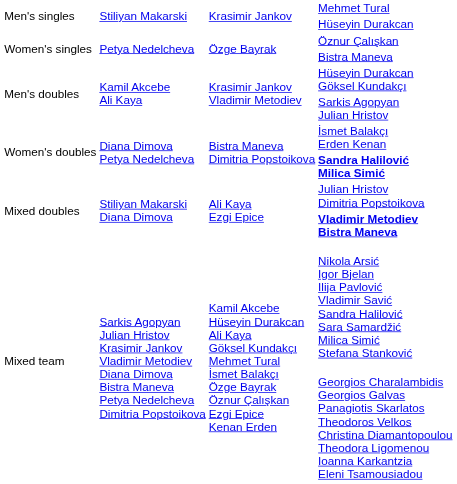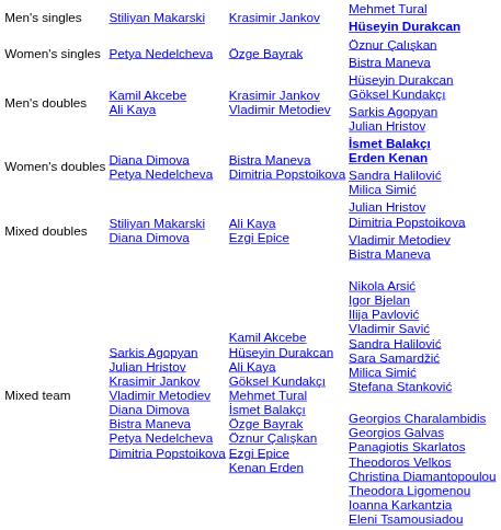 <table>
 <tr>
 <td rowspan="2">Men's singles</td>
 <td rowspan="2"> <a href='#'>Stiliyan Makarski</a></td>
 <td rowspan="2"> <a href='#'>Krasimir Jankov</a></td>
 <td> <a href='#'>Mehmet Tural</a></td>
 </tr>
 <tr>
-<td> <a href='#'>Hüseyin Durakcan</a></td>
+<td><strong> <a href='#'>Hüseyin Durakcan</a></strong></td>
 </tr>
 <tr>
 <td rowspan="2">Women's singles</td>
 <td rowspan="2"> <a href='#'>Petya Nedelcheva</a></td>
 <td rowspan="2"> <a href='#'>Özge Bayrak</a></td>
 <td> <a href='#'>Öznur Çalışkan</a></td>
 </tr>
 <tr>
 <td> <a href='#'>Bistra Maneva</a></td>
 </tr>
 <tr>
 <td rowspan="2">Men's doubles</td>
 <td rowspan="2"> <a href='#'>Kamil Akcebe</a><br> <a href='#'>Ali Kaya</a></td>
 <td rowspan="2"> <a href='#'>Krasimir Jankov</a><br> <a href='#'>Vladimir Metodiev</a></td>
 <td> <a href='#'>Hüseyin Durakcan</a><br> <a href='#'>Göksel Kundakçı</a></td>
 </tr>
 <tr>
 <td> <a href='#'>Sarkis Agopyan</a><br> <a href='#'>Julian Hristov</a></td>
 </tr>
 <tr>
 <td rowspan="2">Women's doubles</td>
 <td rowspan="2"> <a href='#'>Diana Dimova</a><br> <a href='#'>Petya Nedelcheva</a></td>
 <td rowspan="2"> <a href='#'>Bistra Maneva</a><br> <a href='#'>Dimitria Popstoikova</a></td>
-<td> <a href='#'>İsmet Balakçı</a><br> <a href='#'>Erden Kenan</a></td>
+<td><strong> <a href='#'>İsmet Balakçı</a><br> <a href='#'>Erden Kenan</a></strong></td>
 </tr>
 <tr>
-<td><strong> <a href='#'>Sandra Halilović</a><br> <a href='#'>Milica Simić</a></strong></td>
+<td> <a href='#'>Sandra Halilović</a><br> <a href='#'>Milica Simić</a></td>
 </tr>
 <tr>
 <td rowspan="2">Mixed doubles</td>
 <td rowspan="2"> <a href='#'>Stiliyan Makarski</a><br> <a href='#'>Diana Dimova</a></td>
 <td rowspan="2"> <a href='#'>Ali Kaya</a><br> <a href='#'>Ezgi Epice</a></td>
 <td> <a href='#'>Julian Hristov</a><br> <a href='#'>Dimitria Popstoikova</a></td>
 </tr>
 <tr>
-<td><strong> <a href='#'>Vladimir Metodiev</a><br> <a href='#'>Bistra Maneva</a></strong></td>
+<td> <a href='#'>Vladimir Metodiev</a><br> <a href='#'>Bistra Maneva</a></td>
 </tr>
 <tr>
 <td rowspan="2">Mixed team</td>
 <td rowspan="2"><br><a href='#'>Sarkis Agopyan</a><br><a href='#'>Julian Hristov</a><br><a href='#'>Krasimir Jankov</a><br><a href='#'>Vladimir Metodiev</a><br><a href='#'>Diana Dimova</a><br><a href='#'>Bistra Maneva</a><br><a href='#'>Petya Nedelcheva</a><br><a href='#'>Dimitria Popstoikova</a></td>
 <td rowspan="2"><br><a href='#'>Kamil Akcebe</a><br><a href='#'>Hüseyin Durakcan</a><br><a href='#'>Ali Kaya</a><br><a href='#'>Göksel Kundakçı</a><br><a href='#'>Mehmet Tural</a><br><a href='#'>İsmet Balakçı</a><br><a href='#'>Özge Bayrak</a><br><a href='#'>Öznur Çalışkan</a><br><a href='#'>Ezgi Epice</a><br><a href='#'>Kenan Erden</a></td>
 <td><br><a href='#'>Nikola Arsić</a><br><a href='#'>Igor Bjelan</a><br><a href='#'>Ilija Pavlović</a><br><a href='#'>Vladimir Savić</a><br><a href='#'>Sandra Halilović</a><br><a href='#'>Sara Samardžić</a><br><a href='#'>Milica Simić</a><br><a href='#'>Stefana Stanković</a></td>
 </tr>
 <tr>
 <td><br><a href='#'>Georgios Charalambidis</a><br><a href='#'>Georgios Galvas</a><br><a href='#'>Panagiotis Skarlatos</a><br><a href='#'>Theodoros Velkos</a><br><a href='#'>Christina Diamantopoulou</a><br><a href='#'>Theodora Ligomenou</a><br><a href='#'>Ioanna Karkantzia</a><br><a href='#'>Eleni Tsamousiadou</a></td>
 </tr>
 </table>
